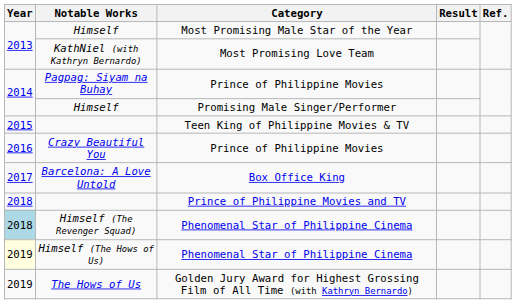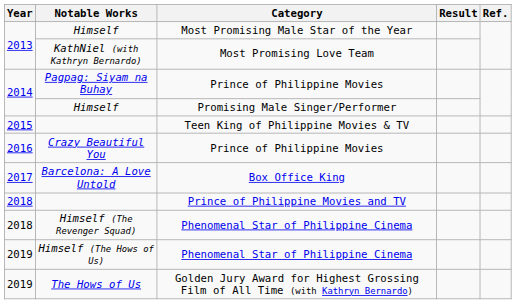 <table class="wikitable" style="text-align:center" width=70%>
 <tr>
 <th>Year</th>
 <th>Notable Works</th>
 <th>Category</th>
 <th>Result</th>
 <th>Ref.</th>
 </tr>
 <tr>
 <td rowspan=2><a href='#'>2013</a></td>
 <td><em>Himself</em></td>
 <td>Most Promising Male Star of the Year</td>
 <td></td>
 <td rowspan=2></td>
 </tr>
 <tr>
 <td><em>KathNiel <small>(with Kathryn Bernardo)</small></em></td>
 <td>Most Promising Love Team</td>
 <td></td>
 </tr>
 <tr>
 <td rowspan=2><a href='#'>2014</a></td>
 <td><em><a href='#'>Pagpag: Siyam na Buhay</a></em></td>
 <td>Prince of Philippine Movies</td>
 <td></td>
 <td rowspan=2></td>
 </tr>
 <tr>
 <td><em>Himself</em></td>
 <td>Promising Male Singer/Performer</td>
 <td></td>
 </tr>
 <tr>
 <td><a href='#'>2015</a></td>
 <td></td>
 <td>Teen King of Philippine Movies & TV</td>
 <td></td>
 <td></td>
 </tr>
 <tr>
 <td><a href='#'>2016</a></td>
 <td><em><a href='#'>Crazy Beautiful You</a></em></td>
 <td>Prince of Philippine Movies</td>
 <td></td>
 <td></td>
 </tr>
 <tr>
 <td><a href='#'>2017</a></td>
 <td><em><a href='#'>Barcelona: A Love Untold</a></em></td>
 <td><a href='#'>Box Office King</a></td>
 <td></td>
 <td></td>
 </tr>
 <tr>
 <td><a href='#'>2018</a></td>
 <td></td>
 <td><a href='#'>Prince of Philippine Movies and TV</a></td>
 <td></td>
 <td></td>
 </tr>
 <tr>
-<td style="background: lightblue;">2018</td>
+<td>2018</td>
 <td><em>Himself <small>(The Revenger Squad)</small></em></td>
 <td><a href='#'>Phenomenal Star of Philippine Cinema</a></td>
 <td></td>
 <td></td>
 </tr>
 <tr>
-<td style="background: lightyellow;">2019</td>
+<td>2019</td>
 <td><em>Himself <small>(The Hows of Us)</small></em></td>
 <td><a href='#'>Phenomenal Star of Philippine Cinema</a></td>
 <td></td>
 <td></td>
 </tr>
 <tr>
 <td>2019</td>
 <td rowspan=1><em><a href='#'>The Hows of Us</a></em></td>
 <td>Golden Jury Award for Highest Grossing Film of All Time <small>(with <a href='#'>Kathryn Bernardo</a>)</small></td>
 <td></td>
 <td></td>
 </tr>
 </table>
